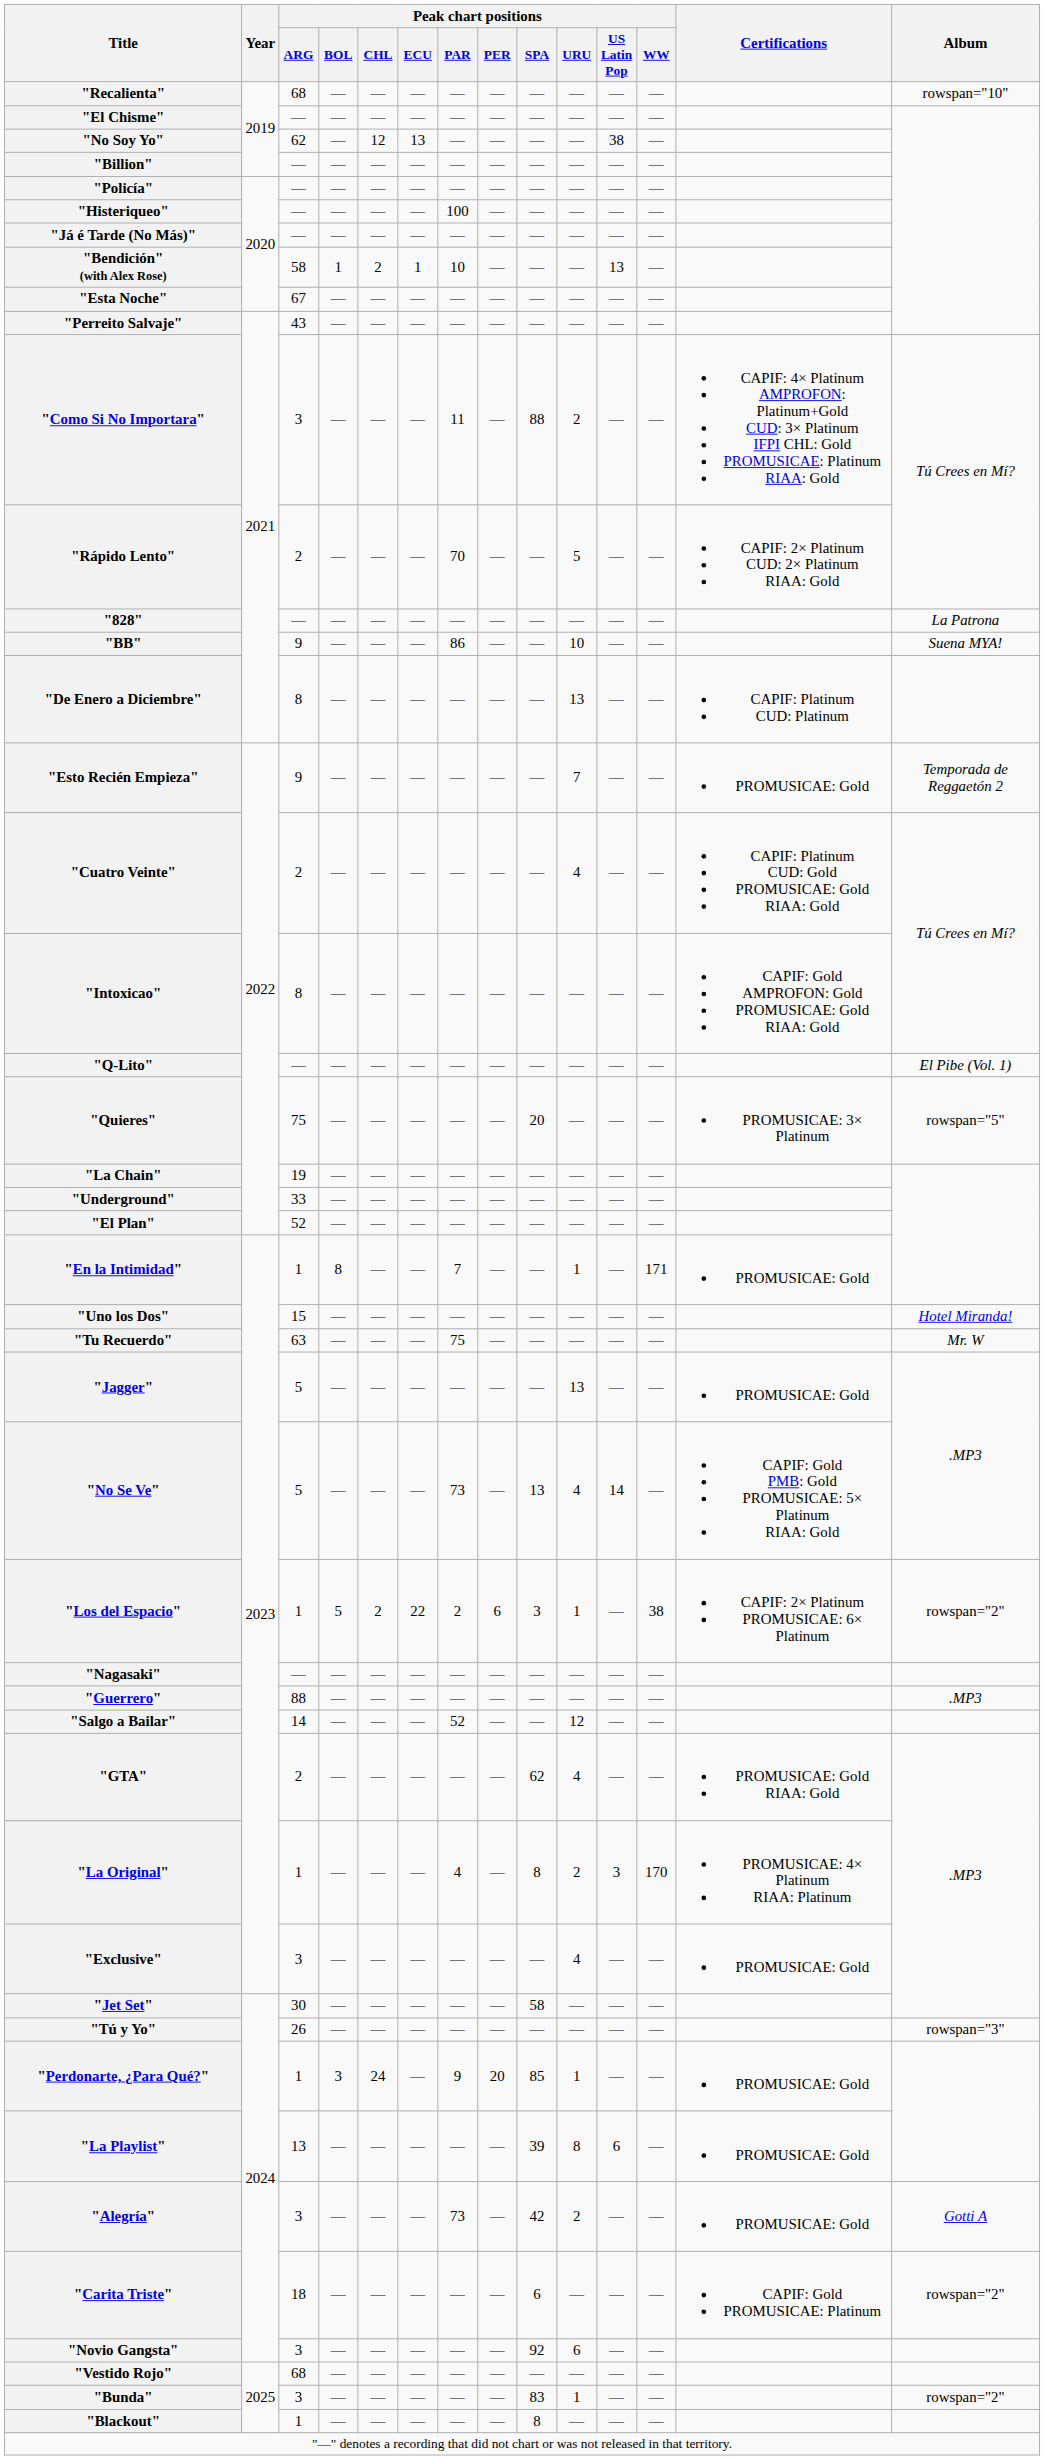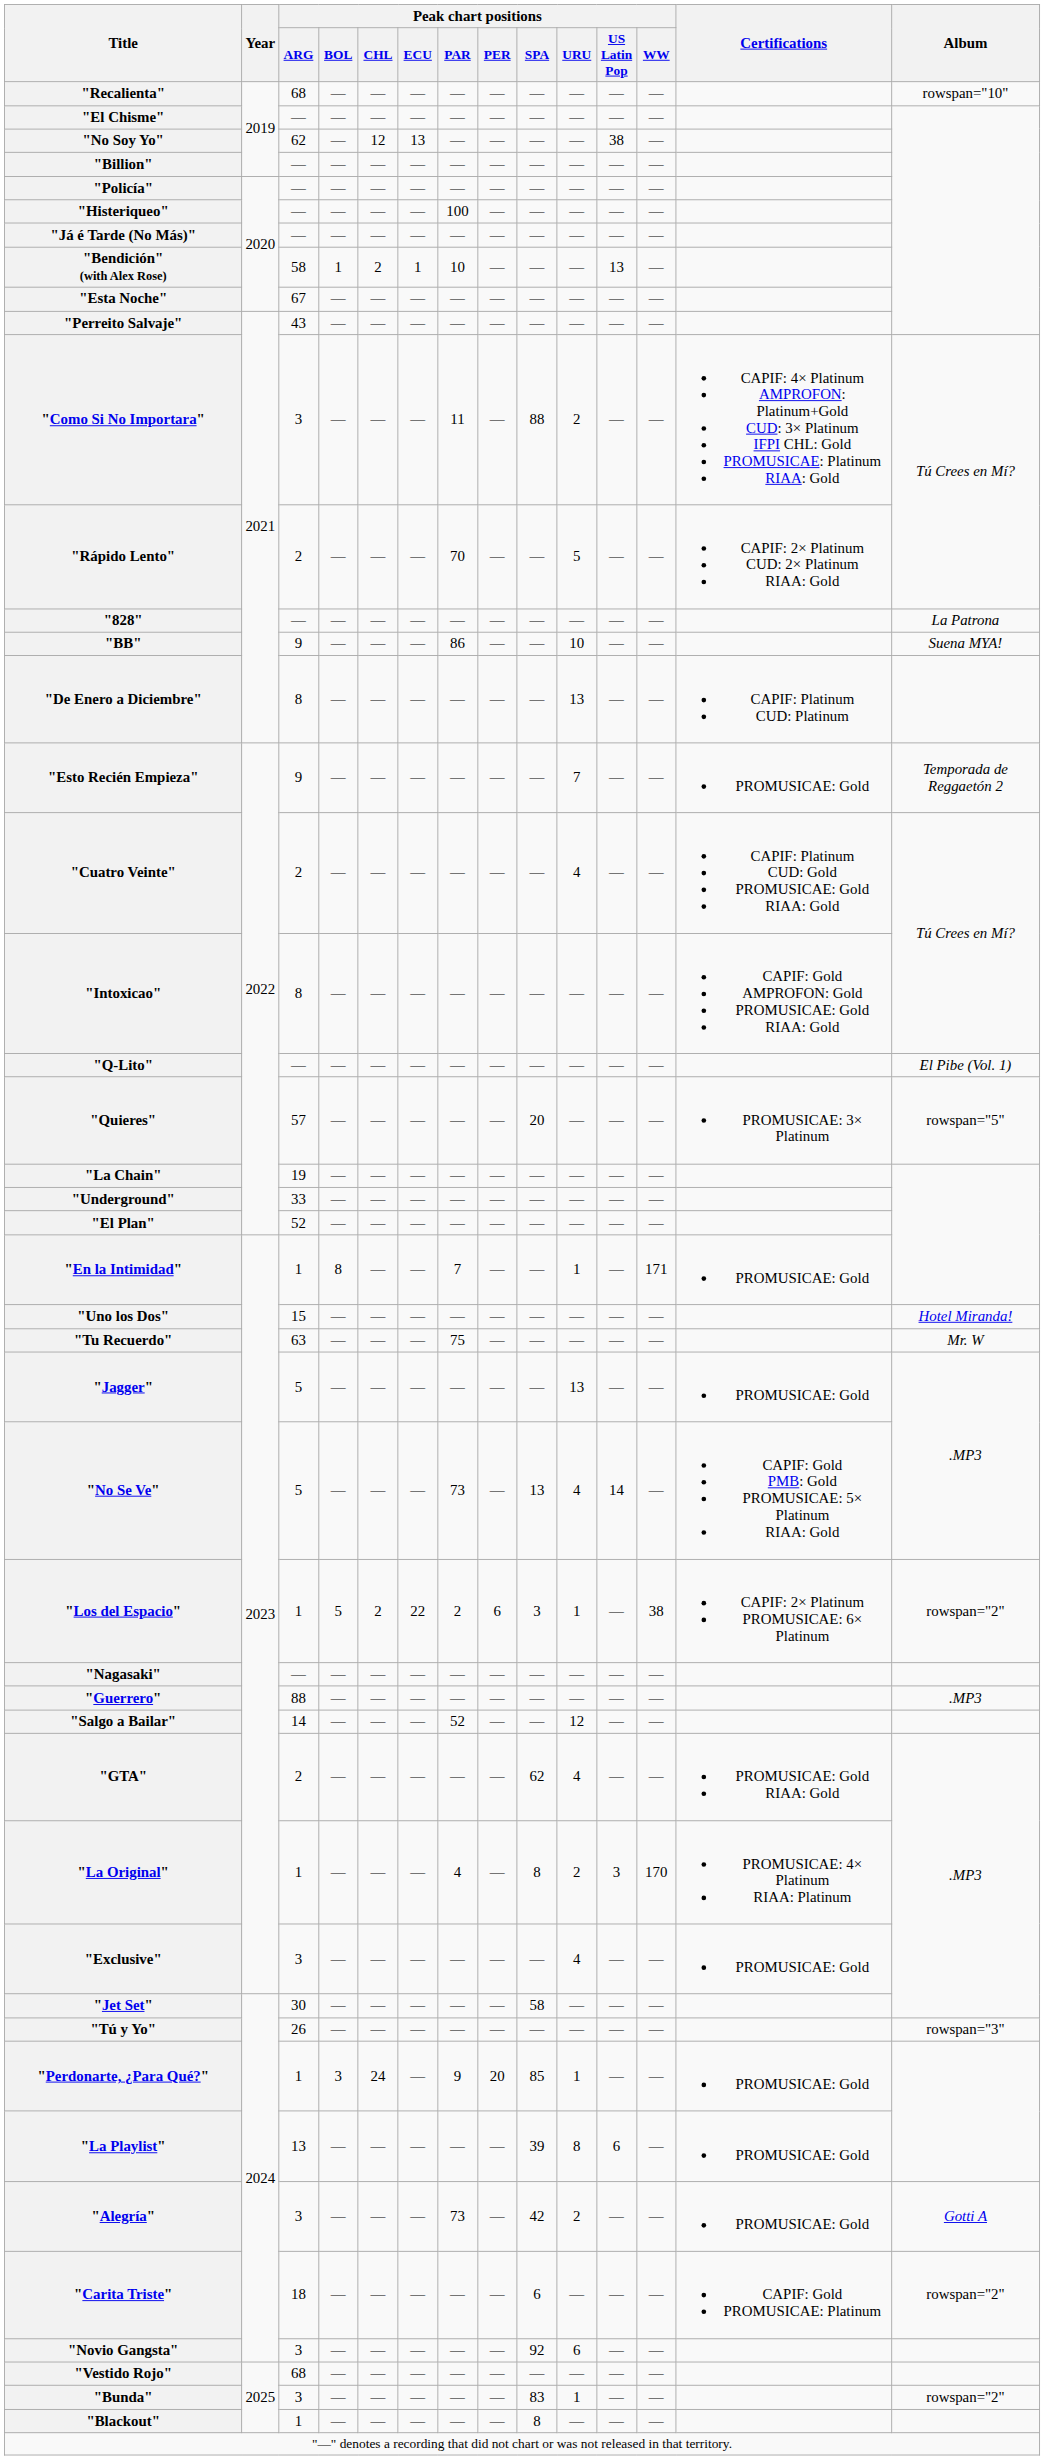 <table class="wikitable plainrowheaders" style="text-align:center;">
 <tr>
 <th scope="col" rowspan="2" style="width:15.5em;">Title</th>
 <th scope="col" rowspan="2" style="width:1em;">Year</th>
 <th scope="col" colspan="10">Peak chart positions</th>
 <th scope="col" rowspan="2" style="width:14em;"><a href='#'>Certifications</a></th>
 <th scope="col" rowspan="2" style="width:9.5em;">Album</th>
 </tr>
 <tr>
 <th scope="col" style="width:2.5em;font-size:90%;"><a href='#'>ARG</a><br></th>
 <th scope="col" style="width:2.5em;font-size:90%;"><a href='#'>BOL</a><br></th>
 <th scope="col" style="width:2.5em;font-size:90%;"><a href='#'>CHL</a><br></th>
 <th scope="col" style="width:2.5em;font-size:90%;"><a href='#'>ECU</a><br></th>
 <th scope="col" style="width:2.5em;font-size:90%;"><a href='#'>PAR</a><br></th>
 <th scope="col" style="width:2.5em;font-size:90%;"><a href='#'>PER</a><br></th>
 <th scope="col" style="width:2.5em;font-size:90%;"><a href='#'>SPA</a><br></th>
 <th scope="col" style="width:2.5em;font-size:90%;"><a href='#'>URU</a><br></th>
 <th scope="col" style="width:2.5em;font-size:90%;"><a href='#'>US<br>Latin<br>Pop</a><br></th>
 <th scope="col" style="width:2.5em;font-size:90%;"><a href='#'>WW</a><br></th>
 </tr>
 <tr>
 <th scope="row">"Recalienta"</th>
 <td rowspan="4">2019</td>
 <td>68</td>
 <td>—</td>
 <td>—</td>
 <td>—</td>
 <td>—</td>
 <td>—</td>
 <td>—</td>
 <td>—</td>
 <td>—</td>
 <td>—</td>
 <td></td>
 <td>rowspan="10" </td>
 </tr>
 <tr>
 <th scope="row">"El Chisme"<br></th>
 <td>—</td>
 <td>—</td>
 <td>—</td>
 <td>—</td>
 <td>—</td>
 <td>—</td>
 <td>—</td>
 <td>—</td>
 <td>—</td>
 <td>—</td>
 <td></td>
 </tr>
 <tr>
 <th scope="row">"No Soy Yo"<br></th>
 <td>62</td>
 <td>—</td>
 <td>12</td>
 <td>13</td>
 <td>—</td>
 <td>—</td>
 <td>—</td>
 <td>—</td>
 <td>38</td>
 <td>—</td>
 <td></td>
 </tr>
 <tr>
 <th scope="row">"Billion"</th>
 <td>—</td>
 <td>—</td>
 <td>—</td>
 <td>—</td>
 <td>—</td>
 <td>—</td>
 <td>—</td>
 <td>—</td>
 <td>—</td>
 <td>—</td>
 <td></td>
 </tr>
 <tr>
 <th scope="row">"Policía"</th>
 <td rowspan="5">2020</td>
 <td>—</td>
 <td>—</td>
 <td>—</td>
 <td>—</td>
 <td>—</td>
 <td>—</td>
 <td>—</td>
 <td>—</td>
 <td>—</td>
 <td>—</td>
 <td></td>
 </tr>
 <tr>
 <th scope="row">"Histeriqueo"<br></th>
 <td>—</td>
 <td>—</td>
 <td>—</td>
 <td>—</td>
 <td>100</td>
 <td>—</td>
 <td>—</td>
 <td>—</td>
 <td>—</td>
 <td>—</td>
 <td></td>
 </tr>
 <tr>
 <th scope="row">"Já é Tarde (No Más)"<br></th>
 <td>—</td>
 <td>—</td>
 <td>—</td>
 <td>—</td>
 <td>—</td>
 <td>—</td>
 <td>—</td>
 <td>—</td>
 <td>—</td>
 <td>—</td>
 <td></td>
 </tr>
 <tr>
 <th scope="row">"Bendición"<br><small>(with Alex Rose)</small></th>
 <td>58</td>
 <td>1</td>
 <td>2</td>
 <td>1</td>
 <td>10</td>
 <td>—</td>
 <td>—</td>
 <td>—</td>
 <td>13</td>
 <td>—</td>
 <td></td>
 </tr>
 <tr>
 <th scope="row">"Esta Noche"<br></th>
 <td>67</td>
 <td>—</td>
 <td>—</td>
 <td>—</td>
 <td>—</td>
 <td>—</td>
 <td>—</td>
 <td>—</td>
 <td>—</td>
 <td>—</td>
 <td></td>
 </tr>
 <tr>
 <th scope="row">"Perreito Salvaje"<br></th>
 <td rowspan="6">2021</td>
 <td>43</td>
 <td>—</td>
 <td>—</td>
 <td>—</td>
 <td>—</td>
 <td>—</td>
 <td>—</td>
 <td>—</td>
 <td>—</td>
 <td>—</td>
 <td></td>
 </tr>
 <tr>
 <th scope="row">"<a href='#'>Como Si No Importara</a>"<br></th>
 <td>3</td>
 <td>—</td>
 <td>—</td>
 <td>—</td>
 <td>11</td>
 <td>—</td>
 <td>88</td>
 <td>2</td>
 <td>—</td>
 <td>—</td>
 <td><br><ul><li>CAPIF:  4× Platinum</li><li><a href='#'>AMPROFON</a>: Platinum+Gold</li><li><a href='#'>CUD</a>: 3× Platinum</li><li><a href='#'>IFPI</a> CHL: Gold</li><li><a href='#'>PROMUSICAE</a>: Platinum</li><li><a href='#'>RIAA</a>: Gold </li></ul></td>
 <td rowspan="2"><em>Tú Crees en Mí?</em></td>
 </tr>
 <tr>
 <th scope="row">"Rápido Lento"<br></th>
 <td>2</td>
 <td>—</td>
 <td>—</td>
 <td>—</td>
 <td>70</td>
 <td>—</td>
 <td>—</td>
 <td>5</td>
 <td>—</td>
 <td>—</td>
 <td><br><ul><li>CAPIF: 2× Platinum</li><li>CUD: 2× Platinum</li><li>RIAA: Gold </li></ul></td>
 </tr>
 <tr>
 <th scope="row">"828"<br></th>
 <td>—</td>
 <td>—</td>
 <td>—</td>
 <td>—</td>
 <td>—</td>
 <td>—</td>
 <td>—</td>
 <td>—</td>
 <td>—</td>
 <td>—</td>
 <td></td>
 <td><em>La Patrona</em></td>
 </tr>
 <tr>
 <th scope="row">"BB"<br></th>
 <td>9</td>
 <td>—</td>
 <td>—</td>
 <td>—</td>
 <td>86</td>
 <td>—</td>
 <td>—</td>
 <td>10</td>
 <td>—</td>
 <td>—</td>
 <td></td>
 <td><em>Suena MYA!</em></td>
 </tr>
 <tr>
 <th scope="row">"De Enero a Diciembre"<br></th>
 <td>8</td>
 <td>—</td>
 <td>—</td>
 <td>—</td>
 <td>—</td>
 <td>—</td>
 <td>—</td>
 <td>13</td>
 <td>—</td>
 <td>—</td>
 <td><br><ul><li>CAPIF: Platinum</li><li>CUD: Platinum</li></ul></td>
 <td></td>
 </tr>
 <tr>
 <th scope="row">"Esto Recién Empieza"<br></th>
 <td rowspan="8">2022</td>
 <td>9</td>
 <td>—</td>
 <td>—</td>
 <td>—</td>
 <td>—</td>
 <td>—</td>
 <td>—</td>
 <td>7</td>
 <td>—</td>
 <td>—</td>
 <td><br><ul><li>PROMUSICAE: Gold</li></ul></td>
 <td><em>Temporada de Reggaetón 2</em></td>
 </tr>
 <tr>
 <th scope="row">"Cuatro Veinte"</th>
 <td>2</td>
 <td>—</td>
 <td>—</td>
 <td>—</td>
 <td>—</td>
 <td>—</td>
 <td>—</td>
 <td>4</td>
 <td>—</td>
 <td>—</td>
 <td><br><ul><li>CAPIF: Platinum</li><li>CUD: Gold</li><li>PROMUSICAE: Gold</li><li>RIAA: Gold </li></ul></td>
 <td rowspan="2"><em>Tú Crees en Mí?</em></td>
 </tr>
 <tr>
 <th scope="row">"Intoxicao"<br></th>
 <td>8</td>
 <td>—</td>
 <td>—</td>
 <td>—</td>
 <td>—</td>
 <td>—</td>
 <td>—</td>
 <td>—</td>
 <td>—</td>
 <td>—</td>
 <td><br><ul><li>CAPIF: Gold</li><li>AMPROFON: Gold</li><li>PROMUSICAE: Gold</li><li>RIAA: Gold </li></ul></td>
 </tr>
 <tr>
 <th scope="row">"Q-Lito"<br></th>
 <td>—</td>
 <td>—</td>
 <td>—</td>
 <td>—</td>
 <td>—</td>
 <td>—</td>
 <td>—</td>
 <td>—</td>
 <td>—</td>
 <td>—</td>
 <td></td>
 <td><em>El Pibe (Vol. 1)</em></td>
 </tr>
 <tr>
 <th scope="row">"Quieres"<br></th>
-<td>75</td>
+<td>57</td>
 <td>—</td>
 <td>—</td>
 <td>—</td>
 <td>—</td>
 <td>—</td>
 <td>20</td>
 <td>—</td>
 <td>—</td>
 <td>—</td>
 <td><br><ul><li>PROMUSICAE: 3× Platinum</li></ul></td>
 <td>rowspan="5" </td>
 </tr>
 <tr>
 <th scope="row">"La Chain"</th>
 <td>19</td>
 <td>—</td>
 <td>—</td>
 <td>—</td>
 <td>—</td>
 <td>—</td>
 <td>—</td>
 <td>—</td>
 <td>—</td>
 <td>—</td>
 <td></td>
 </tr>
 <tr>
 <th scope="row">"Underground"</th>
 <td>33</td>
 <td>—</td>
 <td>—</td>
 <td>—</td>
 <td>—</td>
 <td>—</td>
 <td>—</td>
 <td>—</td>
 <td>—</td>
 <td>—</td>
 <td></td>
 </tr>
 <tr>
 <th scope="row">"El Plan"<br></th>
 <td>52</td>
 <td>—</td>
 <td>—</td>
 <td>—</td>
 <td>—</td>
 <td>—</td>
 <td>—</td>
 <td>—</td>
 <td>—</td>
 <td>—</td>
 <td></td>
 </tr>
 <tr>
 <th scope="row">"<a href='#'>En la Intimidad</a>"<br></th>
 <td rowspan="12">2023</td>
 <td>1</td>
 <td>8</td>
 <td>—</td>
 <td>—</td>
 <td>7</td>
 <td>—</td>
 <td>—</td>
 <td>1</td>
 <td>—</td>
 <td>171</td>
 <td><br><ul><li>PROMUSICAE: Gold</li></ul></td>
 </tr>
 <tr>
 <th scope="row">"Uno los Dos"<br></th>
 <td>15</td>
 <td>—</td>
 <td>—</td>
 <td>—</td>
 <td>—</td>
 <td>—</td>
 <td>—</td>
 <td>—</td>
 <td>—</td>
 <td>—</td>
 <td></td>
 <td><em><a href='#'>Hotel Miranda!</a></em></td>
 </tr>
 <tr>
 <th scope="row">"Tu Recuerdo"<br></th>
 <td>63</td>
 <td>—</td>
 <td>—</td>
 <td>—</td>
 <td>75</td>
 <td>—</td>
 <td>—</td>
 <td>—</td>
 <td>—</td>
 <td>—</td>
 <td></td>
 <td><em>Mr. W</em></td>
 </tr>
 <tr>
 <th scope="row">"<a href='#'>Jagger</a>"</th>
 <td>5</td>
 <td>—</td>
 <td>—</td>
 <td>—</td>
 <td>—</td>
 <td>—</td>
 <td>—</td>
 <td>13</td>
 <td>—</td>
 <td>—</td>
 <td><br><ul><li>PROMUSICAE: Gold</li></ul></td>
 <td rowspan="2"><em>.MP3</em></td>
 </tr>
 <tr>
 <th scope="row">"<a href='#'>No Se Ve</a>"<br></th>
 <td>5</td>
 <td>—</td>
 <td>—</td>
 <td>—</td>
 <td>73</td>
 <td>—</td>
 <td>13</td>
 <td>4</td>
 <td>14</td>
 <td>—</td>
 <td><br><ul><li>CAPIF: Gold</li><li><a href='#'>PMB</a>: Gold</li><li>PROMUSICAE: 5× Platinum</li><li>RIAA: Gold </li></ul></td>
 </tr>
 <tr>
 <th scope="row">"<a href='#'>Los del Espacio</a>"<br></th>
 <td>1</td>
 <td>5</td>
 <td>2</td>
 <td>22</td>
 <td>2</td>
 <td>6</td>
 <td>3</td>
 <td>1</td>
 <td>—</td>
 <td>38</td>
 <td><br><ul><li>CAPIF: 2× Platinum</li><li>PROMUSICAE: 6× Platinum</li></ul></td>
 <td>rowspan="2" </td>
 </tr>
 <tr>
 <th scope="row">"Nagasaki"<br></th>
 <td>—</td>
 <td>—</td>
 <td>—</td>
 <td>—</td>
 <td>—</td>
 <td>—</td>
 <td>—</td>
 <td>—</td>
 <td>—</td>
 <td>—</td>
 <td></td>
 </tr>
 <tr>
 <th scope="row">"<a href='#'>Guerrero</a>"</th>
 <td>88</td>
 <td>—</td>
 <td>—</td>
 <td>—</td>
 <td>—</td>
 <td>—</td>
 <td>—</td>
 <td>—</td>
 <td>—</td>
 <td>—</td>
 <td></td>
 <td><em>.MP3</em></td>
 </tr>
 <tr>
 <th scope="row">"Salgo a Bailar"<br></th>
 <td>14</td>
 <td>—</td>
 <td>—</td>
 <td>—</td>
 <td>52</td>
 <td>—</td>
 <td>—</td>
 <td>12</td>
 <td>—</td>
 <td>—</td>
 <td></td>
 <td></td>
 </tr>
 <tr>
 <th scope="row">"GTA"</th>
 <td>2</td>
 <td>—</td>
 <td>—</td>
 <td>—</td>
 <td>—</td>
 <td>—</td>
 <td>62</td>
 <td>4</td>
 <td>—</td>
 <td>—</td>
 <td><br><ul><li>PROMUSICAE: Gold</li><li>RIAA: Gold </li></ul></td>
 <td rowspan="4"><em>.MP3</em></td>
 </tr>
 <tr>
 <th scope="row">"<a href='#'>La Original</a>"<br></th>
 <td>1</td>
 <td>—</td>
 <td>—</td>
 <td>—</td>
 <td>4</td>
 <td>—</td>
 <td>8</td>
 <td>2</td>
 <td>3</td>
 <td>170</td>
 <td><br><ul><li>PROMUSICAE: 4× Platinum</li><li>RIAA: Platinum </li></ul></td>
 </tr>
 <tr>
 <th scope="row">"Exclusive"</th>
 <td>3</td>
 <td>—</td>
 <td>—</td>
 <td>—</td>
 <td>—</td>
 <td>—</td>
 <td>—</td>
 <td>4</td>
 <td>—</td>
 <td>—</td>
 <td><br><ul><li>PROMUSICAE: Gold</li></ul></td>
 </tr>
 <tr>
 <th scope="row">"<a href='#'>Jet Set</a>"<br></th>
 <td rowspan="7">2024</td>
 <td>30</td>
 <td>—</td>
 <td>—</td>
 <td>—</td>
 <td>—</td>
 <td>—</td>
 <td>58</td>
 <td>—</td>
 <td>—</td>
 <td>—</td>
 <td></td>
 </tr>
 <tr>
 <th scope="row">"Tú y Yo"<br></th>
 <td>26</td>
 <td>—</td>
 <td>—</td>
 <td>—</td>
 <td>—</td>
 <td>—</td>
 <td>—</td>
 <td>—</td>
 <td>—</td>
 <td>—</td>
 <td></td>
 <td>rowspan="3" </td>
 </tr>
 <tr>
 <th scope="row">"<a href='#'>Perdonarte, ¿Para Qué?</a>"<br></th>
 <td>1</td>
 <td>3</td>
 <td>24</td>
 <td>—</td>
 <td>9</td>
 <td>20</td>
 <td>85</td>
 <td>1</td>
 <td>—</td>
 <td>—</td>
 <td><br><ul><li>PROMUSICAE: Gold</li></ul></td>
 </tr>
 <tr>
 <th scope="row">"<a href='#'>La Playlist</a>"</th>
 <td>13</td>
 <td>—</td>
 <td>—</td>
 <td>—</td>
 <td>—</td>
 <td>—</td>
 <td>39</td>
 <td>8</td>
 <td>6</td>
 <td>—</td>
 <td><br><ul><li>PROMUSICAE: Gold</li></ul></td>
 </tr>
 <tr>
 <th scope="row">"<a href='#'>Alegría</a>"<br></th>
 <td>3</td>
 <td>—</td>
 <td>—</td>
 <td>—</td>
 <td>73</td>
 <td>—</td>
 <td>42</td>
 <td>2</td>
 <td>—</td>
 <td>—</td>
 <td><br><ul><li>PROMUSICAE: Gold</li></ul></td>
 <td><em><a href='#'>Gotti A</a></em></td>
 </tr>
 <tr>
 <th scope="row">"<a href='#'>Carita Triste</a>"<br></th>
 <td>18</td>
 <td>—</td>
 <td>—</td>
 <td>—</td>
 <td>—</td>
 <td>—</td>
 <td>6</td>
 <td>—</td>
 <td>—</td>
 <td>—</td>
 <td><br><ul><li>CAPIF: Gold</li><li>PROMUSICAE: Platinum</li></ul></td>
 <td>rowspan="2" </td>
 </tr>
 <tr>
 <th scope="row">"Novio Gangsta"</th>
 <td>3</td>
 <td>—</td>
 <td>—</td>
 <td>—</td>
 <td>—</td>
 <td>—</td>
 <td>92</td>
 <td>6</td>
 <td>—</td>
 <td>—</td>
 <td></td>
 </tr>
 <tr>
 <th scope="row">"Vestido Rojo"<br></th>
 <td rowspan="3">2025</td>
 <td>68</td>
 <td>—</td>
 <td>—</td>
 <td>—</td>
 <td>—</td>
 <td>—</td>
 <td>—</td>
 <td>—</td>
 <td>—</td>
 <td>—</td>
 <td></td>
 <td></td>
 </tr>
 <tr>
 <th scope="row">"Bunda"<br></th>
 <td>3</td>
 <td>—</td>
 <td>—</td>
 <td>—</td>
 <td>—</td>
 <td>—</td>
 <td>83</td>
 <td>1</td>
 <td>—</td>
 <td>—</td>
 <td></td>
 <td>rowspan="2" </td>
 </tr>
 <tr>
 <th scope="row">"Blackout"<br></th>
 <td>1</td>
 <td>—</td>
 <td>—</td>
 <td>—</td>
 <td>—</td>
 <td>—</td>
 <td>8</td>
 <td>—</td>
 <td>—</td>
 <td>—</td>
 <td></td>
 </tr>
 <tr>
 <td colspan="15" style="font-size:90%">"—" denotes a recording that did not chart or was not released in that territory.</td>
 </tr>
 </table>
